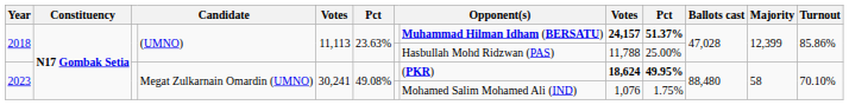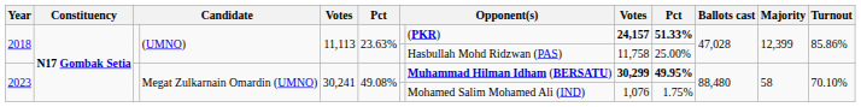 <table class="wikitable" style="margin:0.5em ; font-size:95%">
 <tr>
 <th>Year</th>
 <th>Constituency</th>
 <th colspan="2">Candidate</th>
 <th>Votes</th>
 <th>Pct</th>
 <th colspan="2">Opponent(s)</th>
 <th>Votes</th>
 <th>Pct</th>
 <th>Ballots cast</th>
 <th>Majority</th>
 <th>Turnout</th>
 </tr>
 <tr>
 <td rowspan="2"><a href='#'>2018</a></td>
 <td rowspan="4"><strong>N17 <a href='#'>Gombak Setia</a></strong></td>
 <td rowspan="2" ></td>
 <td rowspan="2"> (<a href='#'>UMNO</a>)</td>
 <td rowspan="2" align="right">11,113</td>
 <td rowspan="2">23.63%</td>
 <td></td>
-<td><strong><a href='#'>Muhammad Hilman Idham</a></strong> (<a href='#'><strong>BERSATU</strong></a>)</td>
+<td> (<a href='#'><strong>PKR</strong></a>)</td>
 <td align="right"><strong>24,157</strong></td>
-<td><strong>51.37%</strong></td>
+<td><strong>51.33%</strong></td>
 <td rowspan="2">47,028</td>
 <td rowspan="2">12,399</td>
 <td rowspan="2">85.86%</td>
 </tr>
 <tr>
 <td></td>
 <td>Hasbullah Mohd Ridzwan (<a href='#'>PAS</a>)</td>
-<td align="right">11,788</td>
+<td align="right">11,758</td>
 <td>25.00%</td>
 </tr>
 <tr>
 <td rowspan="2"><a href='#'>2023</a></td>
 <td rowspan="2" ></td>
 <td rowspan="2">Megat Zulkarnain Omardin (<a href='#'>UMNO</a>)</td>
 <td rowspan="2" align="right">30,241</td>
 <td rowspan="2">49.08%</td>
 <td bgcolor=></td>
-<td> (<a href='#'><strong>PKR</strong></a>)</td>
-<td align="right"><strong>18,624</strong></td>
+<td><strong><a href='#'>Muhammad Hilman Idham</a></strong> (<a href='#'><strong>BERSATU</strong></a>)</td>
+<td align="right"><strong>30,299</strong></td>
 <td><strong>49.95%</strong></td>
 <td rowspan="2">88,480</td>
 <td rowspan="2">58</td>
 <td rowspan="2">70.10%</td>
 </tr>
 <tr>
 <td></td>
 <td>Mohamed Salim Mohamed Ali (<a href='#'>IND</a>)</td>
 <td align="right">1,076</td>
 <td align="right">1.75%</td>
 </tr>
 </table>
